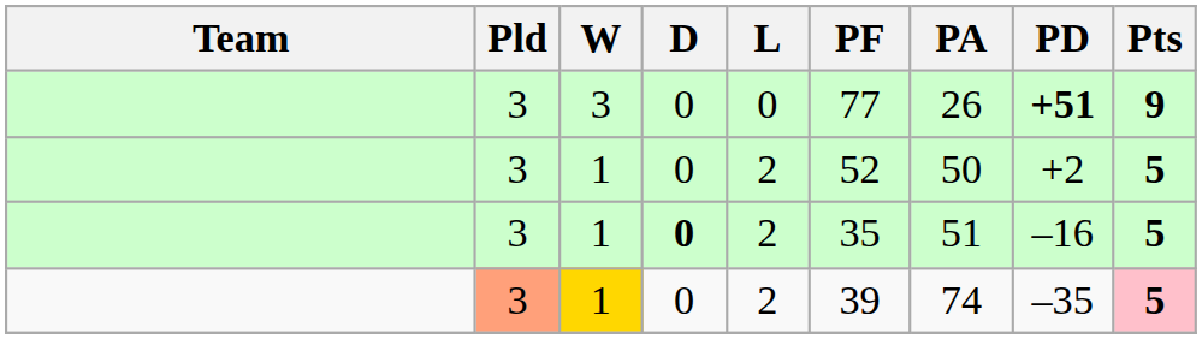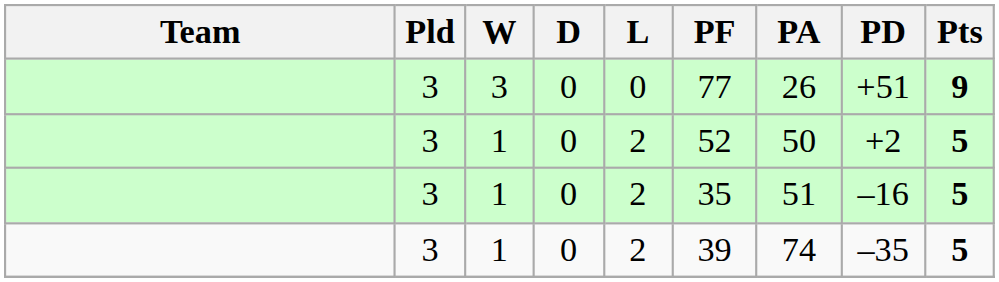 <table class="wikitable" style="text-align:center;">
 <tr>
 <th width=175>Team</th>
 <th width=25 abbr="Played">Pld</th>
 <th width=25 abbr="Won">W</th>
 <th width=25 abbr="Drawn">D</th>
 <th width=25 abbr="Lost">L</th>
 <th width=32 abbr="Points for">PF</th>
 <th width=32 abbr="Points against">PA</th>
 <th width=32 abbr="Points difference">PD</th>
 <th width=25 abbr="Points">Pts</th>
 </tr>
 <tr bgcolor=ccffcc>
 <td align=left></td>
 <td>3</td>
 <td>3</td>
 <td>0</td>
 <td>0</td>
 <td>77</td>
 <td>26</td>
-<td><strong>+51</strong></td>
+<td>+51</td>
 <td><strong>9</strong></td>
 </tr>
 <tr bgcolor=ccffcc>
 <td align=left></td>
 <td>3</td>
 <td>1</td>
 <td>0</td>
 <td>2</td>
 <td>52</td>
 <td>50</td>
 <td>+2</td>
 <td><strong>5</strong></td>
 </tr>
 <tr bgcolor=ccffcc>
 <td align=left></td>
 <td>3</td>
 <td>1</td>
-<td><strong>0</strong></td>
+<td>0</td>
 <td>2</td>
 <td>35</td>
 <td>51</td>
 <td>–16</td>
 <td><strong>5</strong></td>
 </tr>
 <tr>
 <td align=left></td>
-<td style="background: lightsalmon;">3</td>
-<td style="background: gold;">1</td>
+<td>3</td>
+<td>1</td>
 <td>0</td>
 <td>2</td>
 <td>39</td>
 <td>74</td>
 <td>–35</td>
-<td style="background: pink;"><strong>5</strong></td>
+<td><strong>5</strong></td>
 </tr>
 <tr>
 </tr>
 </table>
